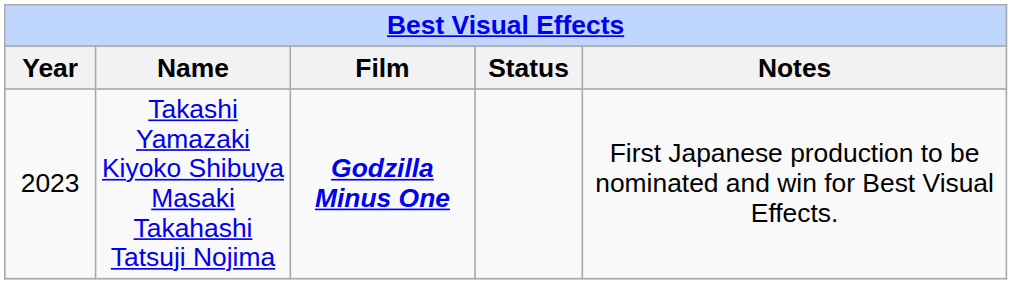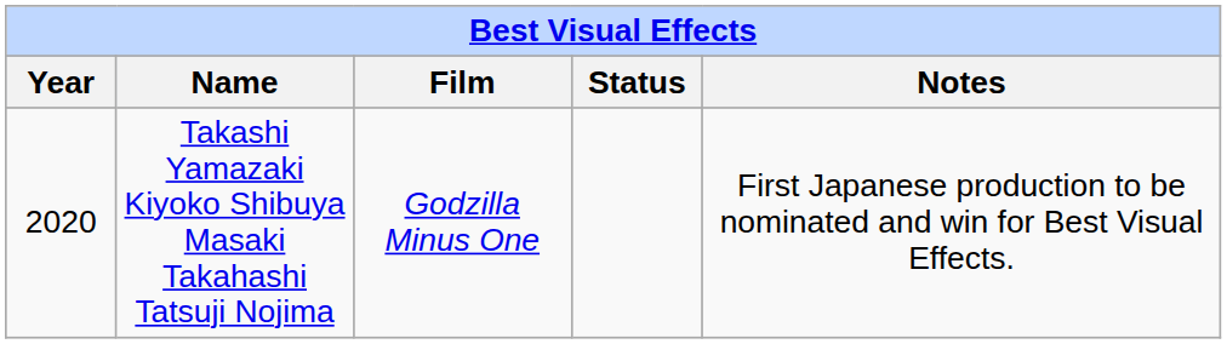 <table class="wikitable" style="text-align: center">
 <tr style="background:#bfd7ff;">
 <td colspan="6" style="text-align:center;"><strong><a href='#'>Best Visual Effects</a></strong></td>
 </tr>
 <tr style="background:#ebf5ff;">
 <th style="width:075px;">Year</th>
 <th style="width:200px;">Name</th>
 <th style="width:200px;">Film</th>
 <th style="width:080px;">Status</th>
 <th style="width:650px;">Notes</th>
 </tr>
 <tr>
-<td>2023</td>
+<td>2020</td>
 <td><a href='#'>Takashi Yamazaki</a><br><a href='#'>Kiyoko Shibuya</a><br><a href='#'>Masaki Takahashi</a><br><a href='#'>Tatsuji Nojima</a></td>
-<td><strong><em><a href='#'>Godzilla Minus One</a></em></strong></td>
+<td><em><a href='#'>Godzilla Minus One</a></em></td>
 <td></td>
 <td>First Japanese production to be nominated and win for Best Visual Effects.</td>
 </tr>
 </table>
